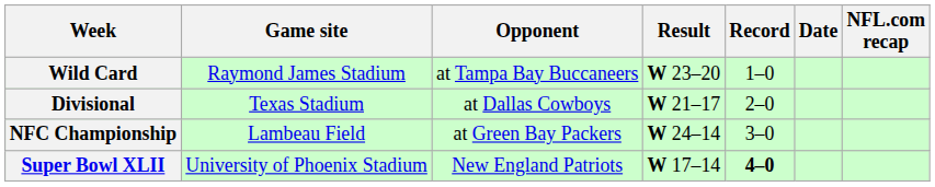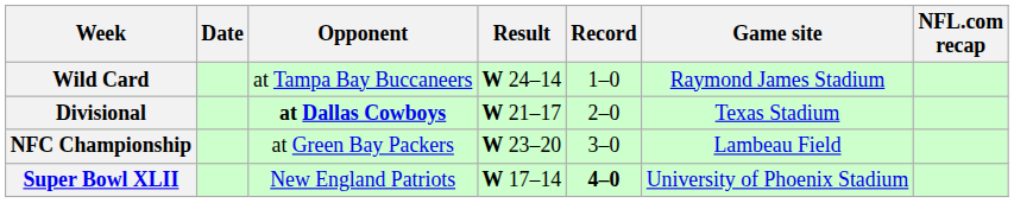 <table class="wikitable" style="text-align:center">
 <tr>
 <th>Week</th>
-<th>Game site</th>
+<th>Date</th>
 <th>Opponent</th>
 <th>Result</th>
 <th>Record</th>
-<th>Date</th>
+<th>Game site</th>
 <th>NFL.com<br>recap</th>
 </tr>
 <tr style="background:#cfc">
 <th>Wild Card</th>
+<td></td>
+<td>at <a href='#'>Tampa Bay Buccaneers</a></td>
+<td><strong>W</strong> 24–14</td>
+<td>1–0</td>
 <td><a href='#'>Raymond James Stadium</a></td>
-<td>at <a href='#'>Tampa Bay Buccaneers</a></td>
-<td><strong>W</strong> 23–20 </td>
-<td>1–0</td>
-<td></td>
 <td></td>
 </tr>
 <tr style="background:#cfc">
 <th>Divisional</th>
-<td><a href='#'>Texas Stadium</a></td>
-<td>at <a href='#'>Dallas Cowboys</a></td>
+<td></td>
+<td><strong>at <a href='#'>Dallas Cowboys</a></strong></td>
 <td><strong>W</strong> 21–17</td>
 <td>2–0</td>
-<td></td>
+<td><a href='#'>Texas Stadium</a></td>
 <td></td>
 </tr>
 <tr style="background:#cfc">
 <th>NFC Championship</th>
+<td></td>
+<td>at <a href='#'>Green Bay Packers</a></td>
+<td><strong>W</strong> 23–20 </td>
+<td>3–0</td>
 <td><a href='#'>Lambeau Field</a></td>
-<td>at <a href='#'>Green Bay Packers</a></td>
-<td><strong>W</strong> 24–14</td>
-<td>3–0</td>
-<td></td>
 <td></td>
 </tr>
 <tr style="background:#cfc">
 <th><a href='#'>Super Bowl XLII</a></th>
-<td><a href='#'>University of Phoenix Stadium</a></td>
+<td></td>
 <td><a href='#'>New England Patriots</a></td>
 <td><strong>W</strong> 17–14</td>
 <td><strong>4–0</strong></td>
-<td></td>
+<td><a href='#'>University of Phoenix Stadium</a></td>
 <td></td>
 </tr>
 </table>
